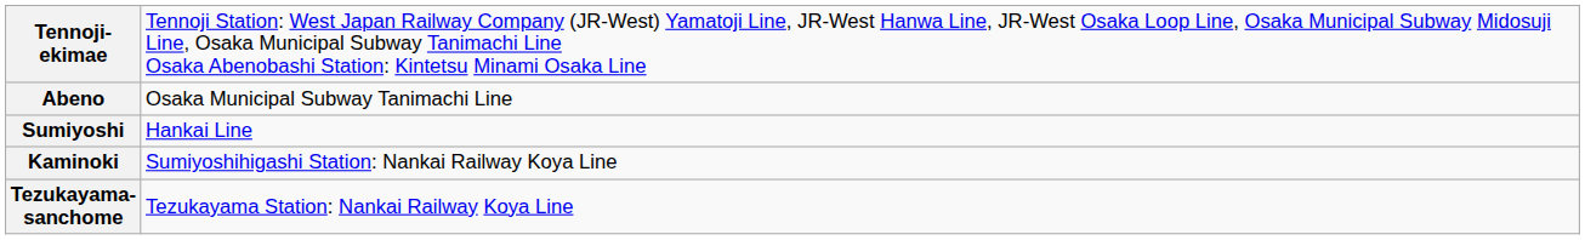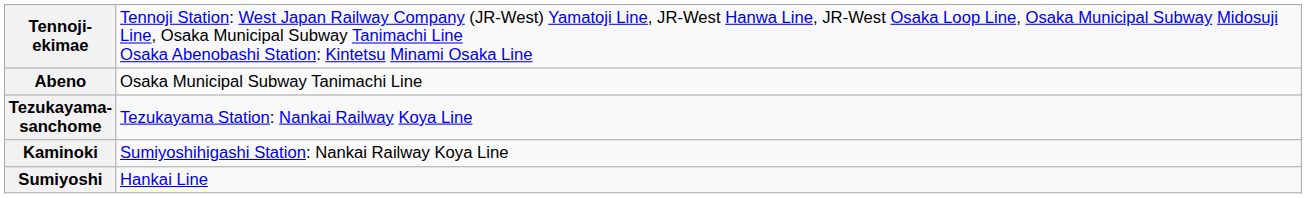 <table table class="wikitable">
 <tr>
 <th width="100px">Tennoji-ekimae</th>
 <td><a href='#'>Tennoji Station</a>: <a href='#'>West Japan Railway Company</a> (JR-West) <a href='#'>Yamatoji Line</a>, JR-West <a href='#'>Hanwa Line</a>, JR-West <a href='#'>Osaka Loop Line</a>, <a href='#'>Osaka Municipal Subway</a> <a href='#'>Midosuji Line</a>, Osaka Municipal Subway <a href='#'>Tanimachi Line</a><br><a href='#'>Osaka Abenobashi Station</a>: <a href='#'>Kintetsu</a> <a href='#'>Minami Osaka Line</a></td>
 </tr>
 <tr>
 <th width="100px">Abeno</th>
 <td>Osaka Municipal Subway Tanimachi Line</td>
 </tr>
 <tr>
-<th width="100px">Sumiyoshi</th>
-<td><a href='#'>Hankai Line</a></td>
+<th width="100px">Tezukayama-sanchome</th>
+<td><a href='#'>Tezukayama Station</a>: <a href='#'>Nankai Railway</a> <a href='#'>Koya Line</a></td>
 </tr>
 <tr>
 <th width="100px">Kaminoki</th>
 <td><a href='#'>Sumiyoshihigashi Station</a>: Nankai Railway Koya Line</td>
 </tr>
 <tr>
-<th width="100px">Tezukayama-sanchome</th>
-<td><a href='#'>Tezukayama Station</a>: <a href='#'>Nankai Railway</a> <a href='#'>Koya Line</a></td>
+<th width="100px">Sumiyoshi</th>
+<td><a href='#'>Hankai Line</a></td>
 </tr>
 </table>
